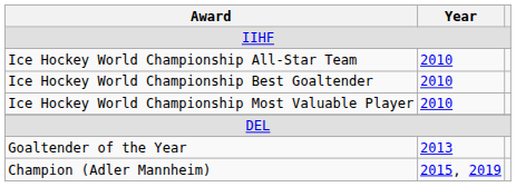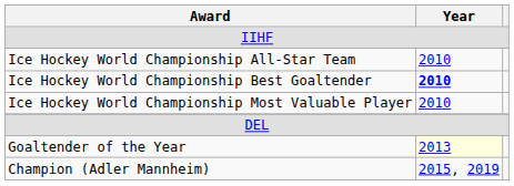 <table class="wikitable">
 <tr>
 <th>Award</th>
 <th>Year</th>
 <th></th>
 </tr>
 <tr ALIGN="center" bgcolor="#e0e0e0">
 <td colspan="3"><a href='#'>IIHF</a></td>
 </tr>
 <tr>
 <td>Ice Hockey World Championship All-Star Team</td>
 <td><a href='#'>2010</a></td>
 <td></td>
 </tr>
 <tr>
 <td>Ice Hockey World Championship Best Goaltender</td>
-<td><a href='#'>2010</a></td>
+<td><strong><a href='#'>2010</a></strong></td>
 <td></td>
 </tr>
 <tr>
 <td>Ice Hockey World Championship Most Valuable Player</td>
 <td><a href='#'>2010</a></td>
 <td></td>
 </tr>
 <tr>
 </tr>
 <tr ALIGN="center" bgcolor="#e0e0e0">
 <td colspan="3"><a href='#'>DEL</a></td>
 </tr>
 <tr>
 <td>Goaltender of the Year</td>
-<td><a href='#'>2013</a></td>
+<td style="background: lightyellow;"><a href='#'>2013</a></td>
 <td></td>
 </tr>
 <tr>
 <td>Champion (Adler Mannheim)</td>
 <td><a href='#'>2015</a>, <a href='#'>2019</a></td>
 <td></td>
 </tr>
 </table>
